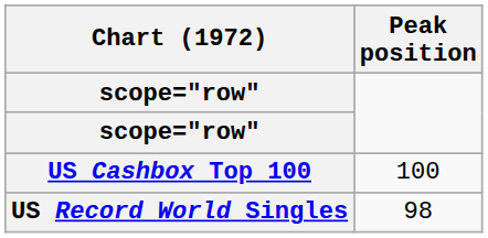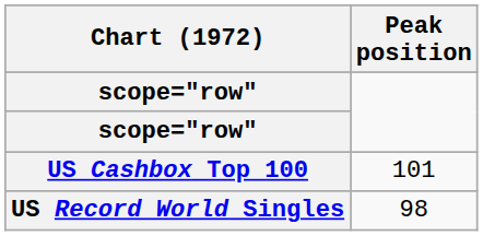 <table class="wikitable sortable plainrowheaders">
 <tr>
 <th scope="col">Chart (1972)</th>
 <th scope="col">Peak<br>position</th>
 </tr>
 <tr>
 <th>scope="row" </th>
 </tr>
 <tr>
 <th>scope="row" </th>
 </tr>
 <tr>
 <th scope="row"><a href='#'>US <em>Cashbox</em> Top 100</a></th>
-<td style="text-align:center;">100</td>
+<td style="text-align:center;">101</td>
 </tr>
 <tr>
 <th scope="row">US <a href='#'><em>Record World</em> Singles</a></th>
 <td style="text-align:center;">98</td>
 </tr>
 </table>
